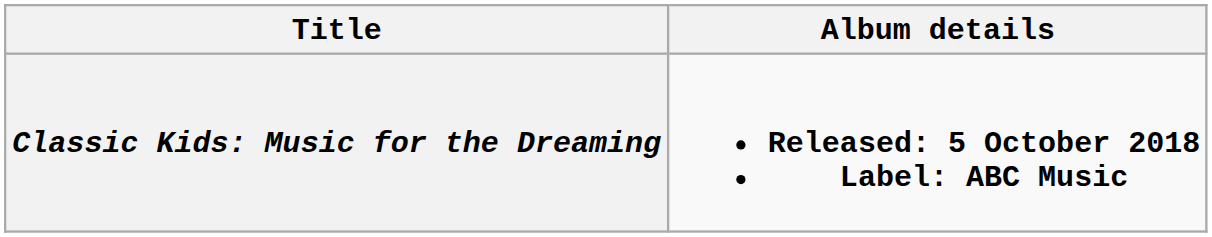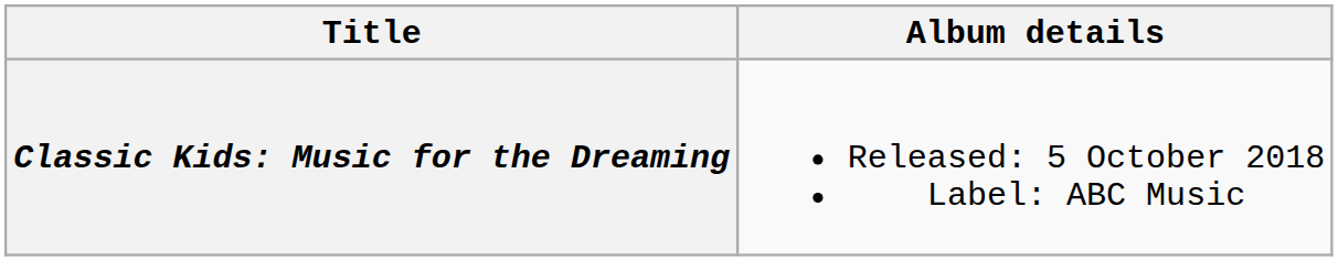 <table class="wikitable plainrowheaders" style="text-align:center;" border="1">
 <tr>
 <th>Title</th>
 <th>Album details</th>
 </tr>
 <tr>
 <th scope="row"><em>Classic Kids: Music for the Dreaming</em> <br> </th>
-<td><strong><br><ul><li>Released: 5 October 2018</li><li>Label: ABC Music</li></ul></strong></td>
+<td><br><ul><li>Released: 5 October 2018</li><li>Label: ABC Music</li></ul></td>
 </tr>
 </table>
